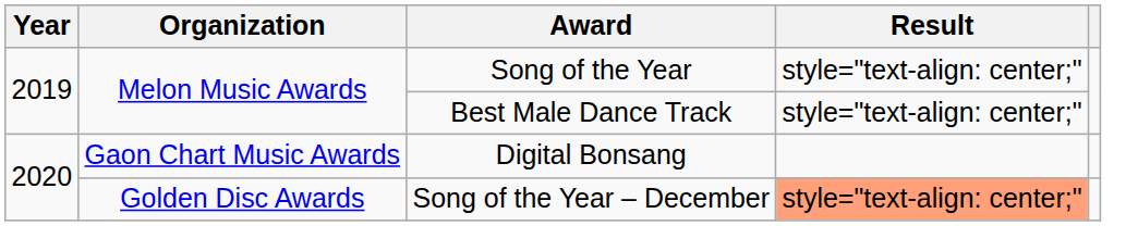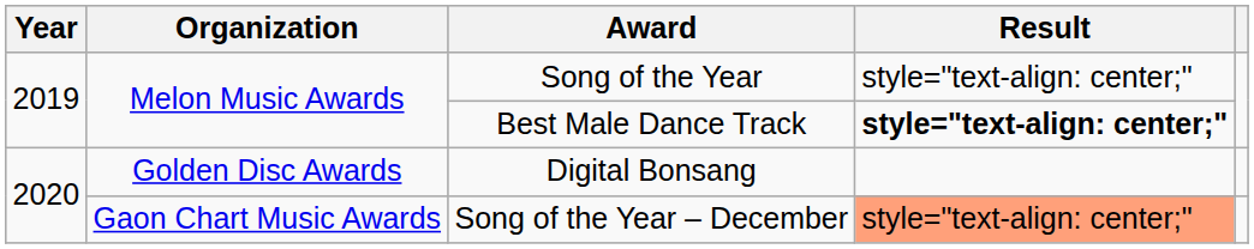 <table class="wikitable sortable plainrowheaders">
 <tr>
 <th scope="col">Year</th>
 <th scope="col">Organization</th>
 <th scope="col">Award</th>
 <th scope="col">Result</th>
 <th class="unsortable"></th>
 </tr>
 <tr>
 <td style="text-align: center;" rowspan="2">2019</td>
 <td style="text-align: center;" rowspan="2"><a href='#'>Melon Music Awards</a></td>
 <td style="text-align: center;">Song of the Year</td>
 <td>style="text-align: center;" </td>
 <td style="text-align: center;" rowspan="2"></td>
 </tr>
 <tr>
 <td style="text-align: center;">Best Male Dance Track</td>
-<td>style="text-align: center;" </td>
+<td><strong>style="text-align: center;" </strong></td>
 </tr>
 <tr>
 <td style="text-align: center;" rowspan="2">2020</td>
-<td style="text-align: center;"><a href='#'>Gaon Chart Music Awards</a></td>
+<td style="text-align: center;"><a href='#'>Golden Disc Awards</a></td>
 <td style="text-align: center;">Digital Bonsang</td>
 <td></td>
 <td style="text-align: center;"></td>
 </tr>
 <tr>
-<td style="text-align: center;"><a href='#'>Golden Disc Awards</a></td>
+<td style="text-align: center;"><a href='#'>Gaon Chart Music Awards</a></td>
 <td style="text-align: center;">Song of the Year – December</td>
 <td style="background: lightsalmon;">style="text-align: center;" </td>
 <td style="text-align: center;"></td>
 </tr>
 </table>
